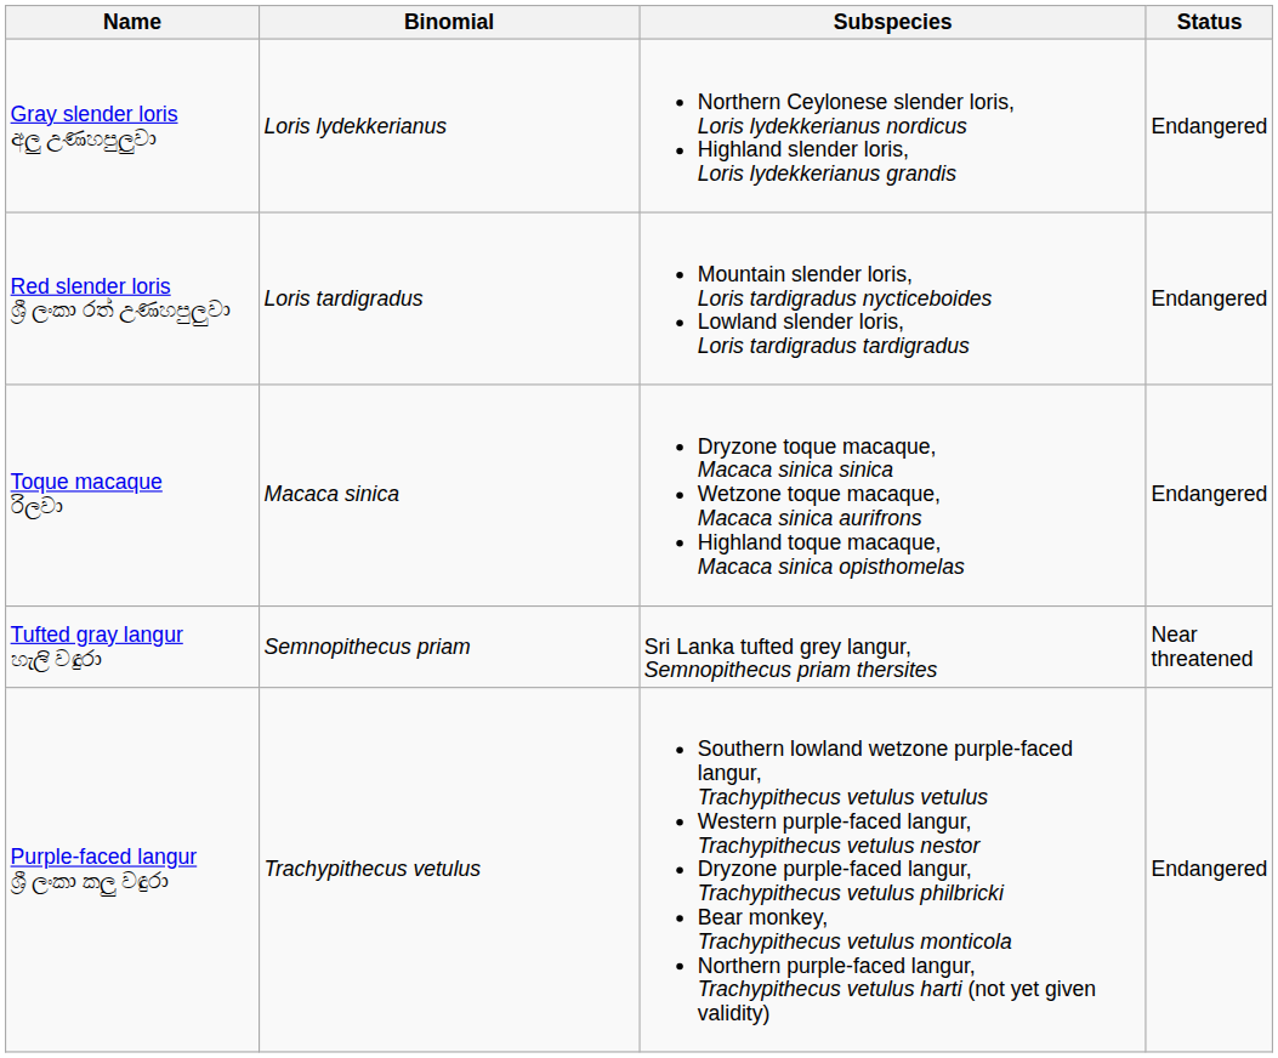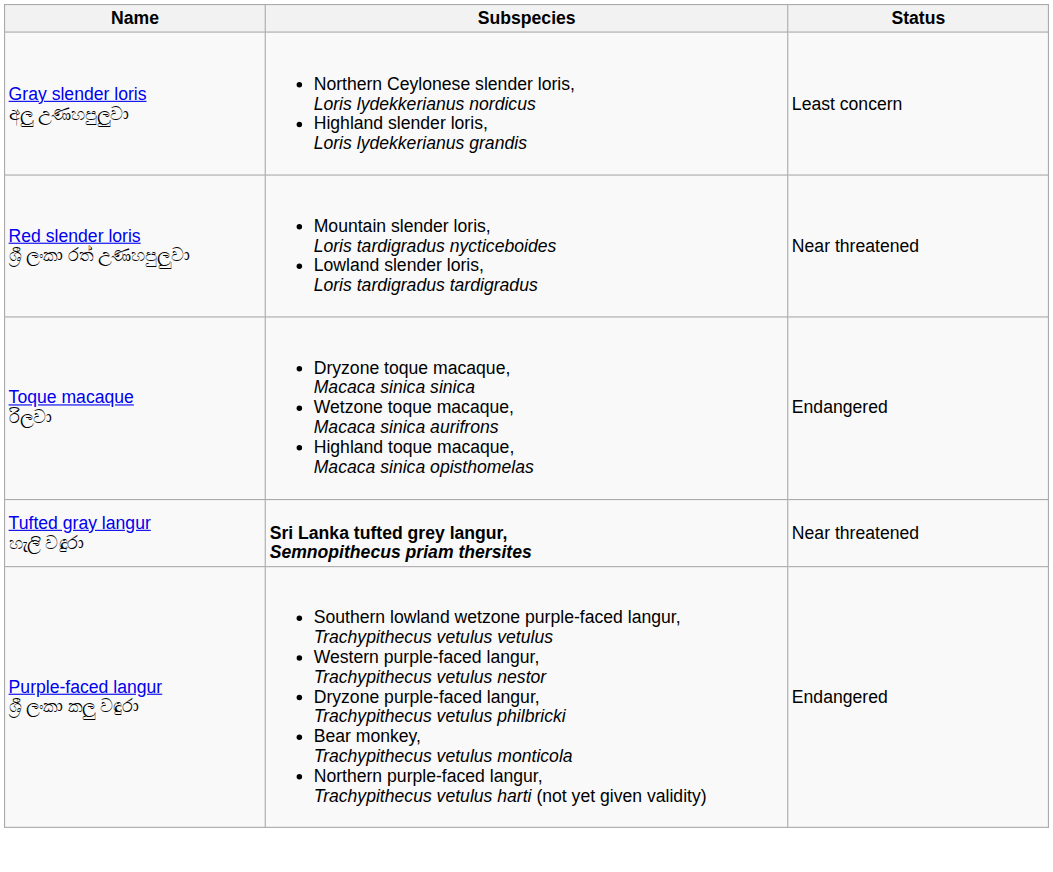 <table width=60% class="wikitable">
 <tr>
 <th width=20%>Name</th>
-<th width=30%>Binomial</th>
 <th width=40%>Subspecies</th>
 <th width=20%>Status</th>
 </tr>
 <tr>
 <td><a href='#'>Gray slender loris</a><br>අලු උණහපුලුවා<br></td>
-<td><em>Loris lydekkerianus</em></td>
 <td><br><ul><li>Northern Ceylonese slender loris,<br><em>Loris lydekkerianus nordicus</em></li><li>Highland slender loris,<br><em>Loris lydekkerianus grandis</em></li></ul></td>
-<td>Endangered</td>
+<td>Least concern</td>
 </tr>
 <tr>
 <td><a href='#'>Red slender loris</a><br>ශ්‍රී ලංකා රත් උණහපුලුවා<br></td>
-<td><em>Loris tardigradus</em></td>
 <td><br><ul><li>Mountain slender loris,<br><em>Loris tardigradus nycticeboides</em></li><li>Lowland slender loris,<br><em>Loris tardigradus tardigradus</em></li></ul></td>
-<td>Endangered</td>
+<td>Near threatened</td>
 </tr>
 <tr>
 <td><a href='#'>Toque macaque</a><br>රිලවා<br></td>
-<td><em>Macaca sinica</em></td>
 <td><br><ul><li>Dryzone toque macaque,<br><em>Macaca sinica sinica</em></li><li>Wetzone toque macaque,<br><em>Macaca sinica aurifrons</em></li><li>Highland toque macaque,<br><em>Macaca sinica opisthomelas</em></li></ul></td>
 <td>Endangered</td>
 </tr>
 <tr>
 <td><a href='#'>Tufted gray langur</a><br>හැලි වඳුරා<br></td>
-<td><em>Semnopithecus priam</em></td>
-<td><br>Sri Lanka tufted grey langur,<br><em>Semnopithecus priam thersites</em></td>
+<td><strong><br>Sri Lanka tufted grey langur,<br><em>Semnopithecus priam thersites</em></strong></td>
 <td>Near threatened</td>
 </tr>
 <tr>
 <td><a href='#'>Purple-faced langur</a><br>ශ්‍රී ලංකා කලු වඳුරා<br></td>
-<td><em>Trachypithecus vetulus</em></td>
 <td><br><ul><li>Southern lowland wetzone purple-faced langur,<br><em>Trachypithecus vetulus vetulus</em></li><li>Western purple-faced langur,<br><em>Trachypithecus vetulus nestor</em></li><li>Dryzone purple-faced langur,<br><em>Trachypithecus vetulus philbricki</em></li><li>Bear monkey,<br><em>Trachypithecus vetulus monticola</em></li><li>Northern purple-faced langur,<br><em>Trachypithecus vetulus harti</em> (not yet given validity)</li></ul></td>
 <td>Endangered</td>
 </tr>
 </table>
